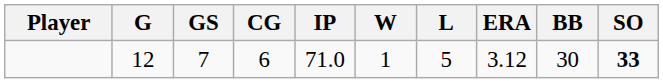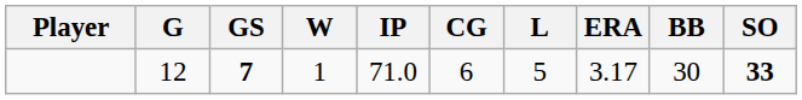 <table class="wikitable sortable">
 <tr>
 <th bgcolor="#DDDDFF" width="16%">Player</th>
 <th bgcolor="#DDDDFF" width="9%">G</th>
 <th bgcolor="#DDDDFF" width="9%">GS</th>
+<th bgcolor="#DDDDFF" width="9%">W</th>
+<th bgcolor="#DDDDFF" width="9%">IP</th>
 <th bgcolor="#DDDDFF" width="9%">CG</th>
-<th bgcolor="#DDDDFF" width="9%">IP</th>
-<th bgcolor="#DDDDFF" width="9%">W</th>
 <th bgcolor="#DDDDFF" width="9%">L</th>
 <th bgcolor="#DDDDFF" width="9%">ERA</th>
 <th bgcolor="#DDDDFF" width="9%">BB</th>
 <th bgcolor="#DDDDFF" width="9%">SO</th>
 </tr>
 <tr align="center">
 <td></td>
 <td>12</td>
-<td>7</td>
+<td><strong>7</strong></td>
+<td>1</td>
+<td>71.0</td>
 <td>6</td>
-<td>71.0</td>
-<td>1</td>
 <td>5</td>
-<td>3.12</td>
+<td>3.17</td>
 <td>30</td>
 <td><strong>33</strong></td>
 </tr>
 </table>
